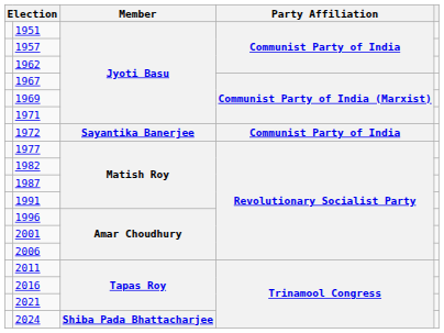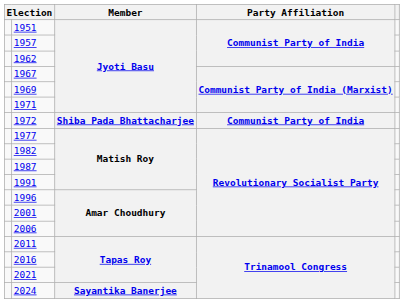 <table class="wikitable sortable">
 <tr>
 <th colspan="2">Election</th>
 <th>Member</th>
 <th>Party Affiliation</th>
 <th></th>
 </tr>
 <tr>
 <td style="background-color: "></td>
 <td><a href='#'>1951</a></td>
 <th rowspan="6"><a href='#'>Jyoti Basu</a></th>
 <th rowspan="3"> <a href='#'>Communist Party of India</a></th>
 <td></td>
 </tr>
 <tr>
 <td style="background-color: "></td>
 <td><a href='#'>1957</a></td>
 <td></td>
 </tr>
 <tr>
 <td style="background-color: "></td>
 <td><a href='#'>1962</a></td>
 <td></td>
 </tr>
 <tr>
 <td style="background-color: "></td>
 <td><a href='#'>1967</a></td>
 <th rowspan="3"> <a href='#'>Communist Party of India (Marxist)</a></th>
 <td></td>
 </tr>
 <tr>
 <td style="background-color: "></td>
 <td><a href='#'>1969</a></td>
 <td></td>
 </tr>
 <tr>
 <td style="background-color: "></td>
 <td><a href='#'>1971</a></td>
 <td></td>
 </tr>
 <tr>
 <td style="background-color: "></td>
 <td><a href='#'>1972</a></td>
-<th><a href='#'>Sayantika Banerjee</a></th>
+<th><a href='#'>Shiba Pada Bhattacharjee</a></th>
 <th> <a href='#'>Communist Party of India</a></th>
 <td></td>
 </tr>
 <tr>
 <td style="background-color: "></td>
 <td><a href='#'>1977</a></td>
 <th rowspan="4">Matish Roy</th>
 <th rowspan="7"> <a href='#'>Revolutionary Socialist Party</a></th>
 <td></td>
 </tr>
 <tr>
 <td style="background-color: "></td>
 <td><a href='#'>1982</a></td>
 <td></td>
 </tr>
 <tr>
 <td style="background-color: "></td>
 <td><a href='#'>1987</a></td>
 <td></td>
 </tr>
 <tr>
 <td style="background-color: "></td>
 <td><a href='#'>1991</a></td>
 <td></td>
 </tr>
 <tr>
 <td style="background-color: "></td>
 <td><a href='#'>1996</a></td>
 <th rowspan="3">Amar Choudhury</th>
 <td></td>
 </tr>
 <tr>
 <td style="background-color: "></td>
 <td><a href='#'>2001</a></td>
 <td></td>
 </tr>
 <tr>
 <td style="background-color: "></td>
 <td><a href='#'>2006</a></td>
 <td></td>
 </tr>
 <tr>
 <td style="background-color: "></td>
 <td><a href='#'>2011</a></td>
 <th rowspan="3"><a href='#'>Tapas Roy</a></th>
 <th rowspan="4"> <a href='#'>Trinamool Congress</a></th>
 <td></td>
 </tr>
 <tr>
 <td style="background-color: "></td>
 <td><a href='#'>2016</a></td>
 <td></td>
 </tr>
 <tr>
 <td style="background-color: "></td>
 <td><a href='#'>2021</a></td>
 <td></td>
 </tr>
 <tr>
 <td style="background-color: "></td>
 <td><a href='#'>2024</a></td>
-<th><a href='#'>Shiba Pada Bhattacharjee</a></th>
+<th><a href='#'>Sayantika Banerjee</a></th>
 <td></td>
 </tr>
 </table>
